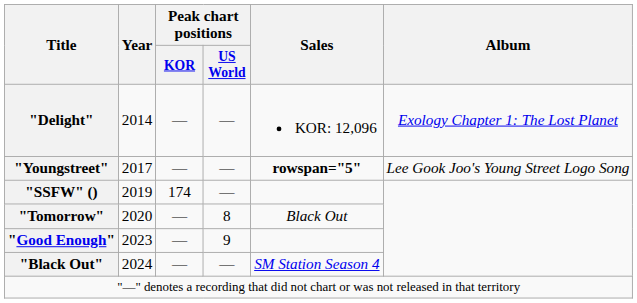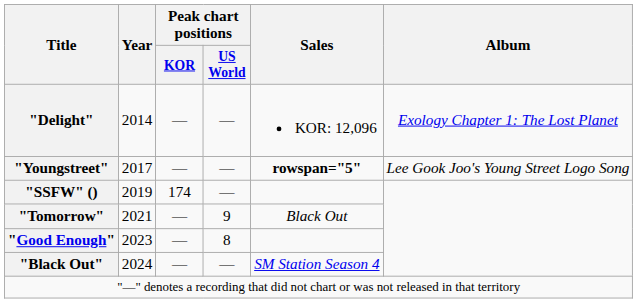 <table class="wikitable plainrowheaders" style="text-align:center">
 <tr>
 <th scope="col" rowspan="2">Title</th>
 <th scope="col" rowspan="2">Year</th>
 <th scope="col" colspan="2">Peak chart positions</th>
 <th scope="col" rowspan="2">Sales<br></th>
 <th scope="col" rowspan="2">Album</th>
 </tr>
 <tr>
 <th scope="col" style="font-size:90%; width:3em"><a href='#'>KOR</a><br></th>
 <th scope="col" style="font-size:90%; width:3em"><a href='#'>US World</a><br></th>
 </tr>
 <tr>
 <th scope="row">"Delight"</th>
 <td>2014</td>
 <td>—</td>
 <td>—</td>
 <td><br><ul><li>KOR: 12,096</li></ul></td>
 <td><em><a href='#'>Exology Chapter 1: The Lost Planet</a></em></td>
 </tr>
 <tr>
 <th scope="row">"Youngstreet"</th>
 <td>2017</td>
 <td>—</td>
 <td>—</td>
 <td><strong>rowspan="5" </strong></td>
 <td><em>Lee Gook Joo's Young Street Logo Song</em></td>
 </tr>
 <tr>
 <th scope="row">"SSFW" ()</th>
 <td>2019</td>
 <td>174</td>
 <td>—</td>
 <td></td>
 </tr>
 <tr>
 <th scope="row">"Tomorrow"</th>
-<td>2020</td>
+<td>2021</td>
 <td>—</td>
-<td>8</td>
+<td>9</td>
 <td><em>Black Out</em></td>
 </tr>
 <tr>
 <th scope="row">"<a href='#'>Good Enough</a>"</th>
 <td>2023</td>
 <td>—</td>
-<td>9</td>
+<td>8</td>
 <td></td>
 </tr>
 <tr>
 <th scope="row">"Black Out"</th>
 <td>2024</td>
 <td>—</td>
 <td>—</td>
 <td><em><a href='#'>SM Station Season 4</a></em></td>
 </tr>
 <tr>
 <td colspan="6" style="font-size:85%">"—" denotes a recording that did not chart or was not released in that territory</td>
 </tr>
 </table>
